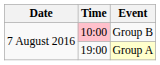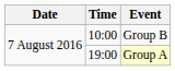 <table class = "wikitable" style="text-align:center;">
 <tr>
 <th>Date</th>
 <th>Time</th>
 <th>Event</th>
 </tr>
 <tr>
 <td rowspan=2>7 August 2016</td>
-<td style="background: pink;">10:00</td>
+<td>10:00</td>
 <td>Group B</td>
 </tr>
 <tr>
 <td>19:00</td>
 <td bgcolor=ffffcc>Group A</td>
 </tr>
 </table>
